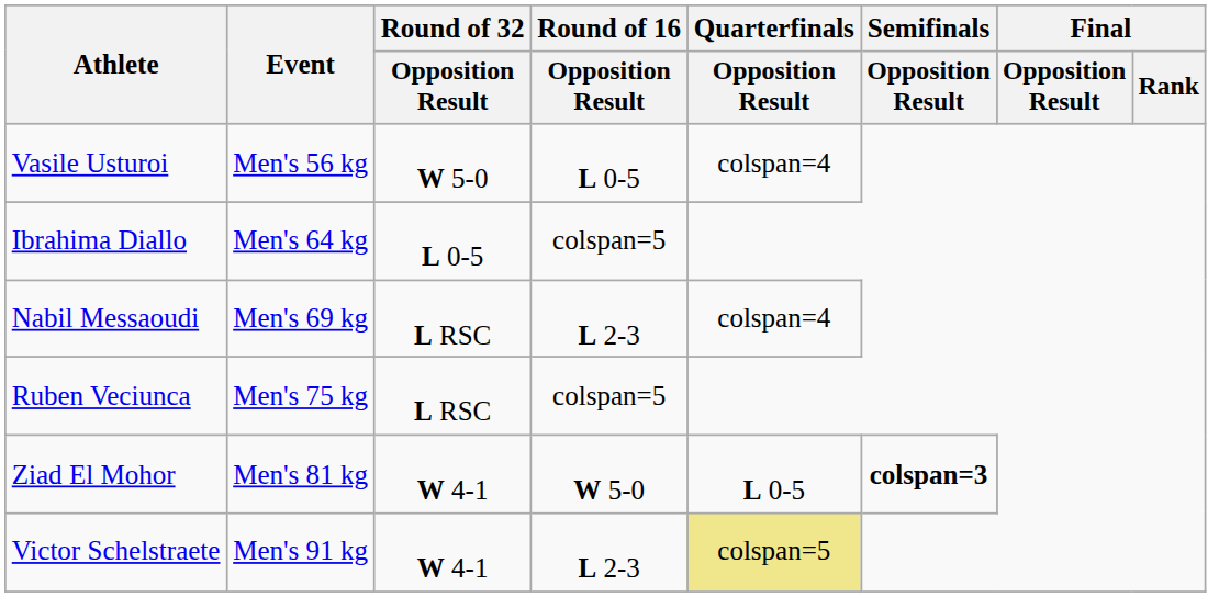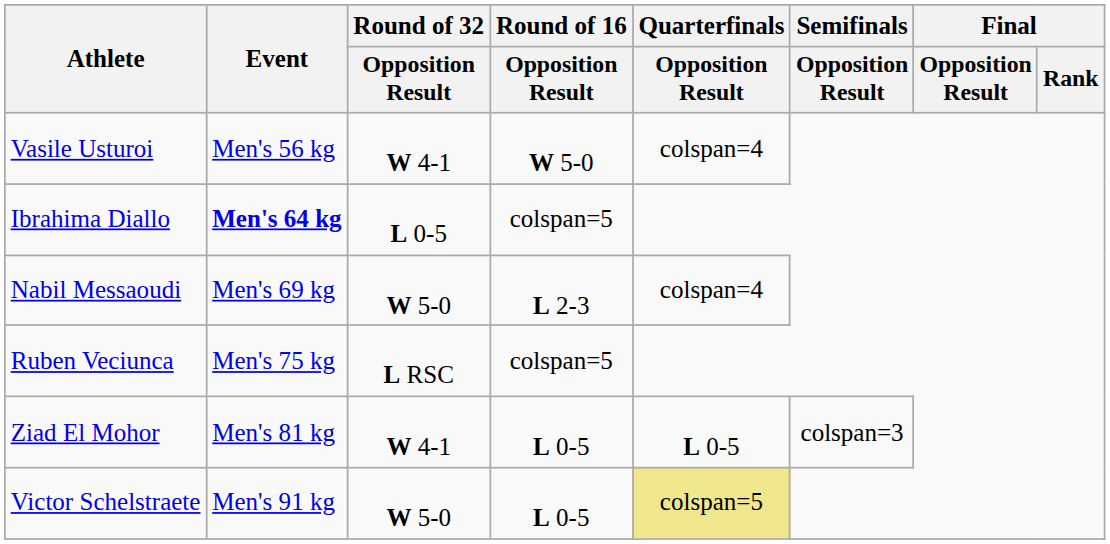 <table class="wikitable" style="font-size:90%">
 <tr>
 <th rowspan="2">Athlete</th>
 <th rowspan="2">Event</th>
 <th>Round of 32</th>
 <th>Round of 16</th>
 <th>Quarterfinals</th>
 <th>Semifinals</th>
 <th colspan=2>Final</th>
 </tr>
 <tr style="font-size:95%">
 <th>Opposition<br>Result</th>
 <th>Opposition<br>Result</th>
 <th>Opposition<br>Result</th>
 <th>Opposition<br>Result</th>
 <th>Opposition<br>Result</th>
 <th>Rank</th>
 </tr>
 <tr align=center>
 <td align=left><a href='#'>Vasile Usturoi</a></td>
 <td align=left><a href='#'>Men's 56 kg</a></td>
+<td><br><strong>W</strong> 4-1</td>
 <td><br><strong>W</strong> 5-0</td>
-<td><br><strong>L</strong> 0-5</td>
 <td>colspan=4 </td>
 </tr>
 <tr align=center>
 <td align=left><a href='#'>Ibrahima Diallo</a></td>
-<td align=left><a href='#'>Men's 64 kg</a></td>
+<td align=left><strong><a href='#'>Men's 64 kg</a></strong></td>
 <td><br><strong>L</strong> 0-5</td>
 <td>colspan=5 </td>
 </tr>
 <tr align=center>
 <td align=left><a href='#'>Nabil Messaoudi</a></td>
 <td align=left><a href='#'>Men's 69 kg</a></td>
-<td><br><strong>L</strong> RSC</td>
+<td><br><strong>W</strong> 5-0</td>
 <td><br><strong>L</strong> 2-3</td>
 <td>colspan=4 </td>
 </tr>
 <tr align=center>
 <td align=left><a href='#'>Ruben Veciunca</a></td>
 <td align=left><a href='#'>Men's 75 kg</a></td>
 <td><br><strong>L</strong> RSC</td>
 <td>colspan=5 </td>
 </tr>
 <tr align=center>
 <td align=left><a href='#'>Ziad El Mohor</a></td>
 <td align=left><a href='#'>Men's 81 kg</a></td>
 <td><br><strong>W</strong> 4-1</td>
-<td><br><strong>W</strong> 5-0</td>
 <td><br><strong>L</strong> 0-5</td>
-<td><strong>colspan=3 </strong></td>
+<td><br><strong>L</strong> 0-5</td>
+<td>colspan=3 </td>
 </tr>
 <tr align=center>
 <td align=left><a href='#'>Victor Schelstraete</a></td>
 <td align=left><a href='#'>Men's 91 kg</a></td>
-<td><br><strong>W</strong> 4-1</td>
-<td><br><strong>L</strong> 2-3</td>
+<td><br><strong>W</strong> 5-0</td>
+<td><br><strong>L</strong> 0-5</td>
 <td style="background: khaki;">colspan=5 </td>
 </tr>
 </table>
